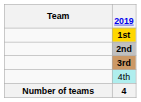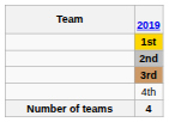 <table class="wikitable" style="text-align:center; font-size:90%">
 <tr>
 <th width=170>Team</th>
 <th width=25><br><a href='#'>2019</a></th>
 </tr>
 <tr>
 <td align=left></td>
 <td bgcolor=gold><strong>1st</strong></td>
 </tr>
 <tr>
 <td align=left></td>
 <td bgcolor=silver><strong>2nd</strong></td>
 </tr>
 <tr>
 <td align=left></td>
 <td bgcolor=cc9966><strong>3rd</strong></td>
 </tr>
 <tr>
 <td align=left></td>
-<td style="background: paleturquoise;">4th</td>
+<td>4th</td>
 </tr>
 <tr>
 <th>Number of teams</th>
 <th>4</th>
 </tr>
 </table>
